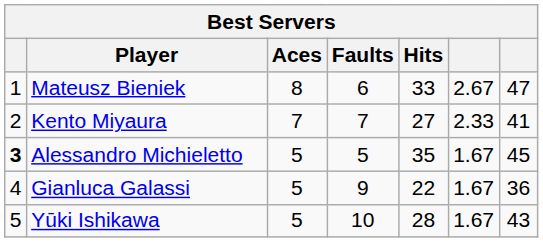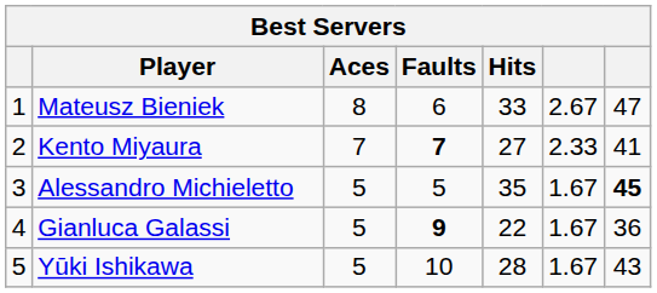 <table class="wikitable sortable" style=font-size:90%>
 <tr>
 <th colspan=7>Best Servers</th>
 </tr>
 <tr>
 <th></th>
 <th width=158>Player</th>
 <th width=20>Aces</th>
 <th width=20>Faults</th>
 <th width=20>Hits</th>
 <th width=20></th>
 <th width=20></th>
 </tr>
 <tr>
 <td>1</td>
 <td> <a href='#'>Mateusz Bieniek</a></td>
 <td align=center>8</td>
 <td align=center>6</td>
 <td align=center>33</td>
 <td align=center>2.67</td>
 <td align=center>47</td>
 </tr>
 <tr>
 <td>2</td>
 <td> <a href='#'>Kento Miyaura</a></td>
 <td align=center>7</td>
-<td align=center>7</td>
+<td align=center><strong>7</strong></td>
 <td align=center>27</td>
 <td align=center>2.33</td>
 <td align=center>41</td>
 </tr>
 <tr>
-<td><strong>3</strong></td>
+<td>3</td>
 <td> <a href='#'>Alessandro Michieletto</a></td>
 <td align=center>5</td>
 <td align=center>5</td>
 <td align=center>35</td>
 <td align=center>1.67</td>
-<td align=center>45</td>
+<td align=center><strong>45</strong></td>
 </tr>
 <tr>
 <td>4</td>
 <td> <a href='#'>Gianluca Galassi</a></td>
 <td align=center>5</td>
-<td align=center>9</td>
+<td align=center><strong>9</strong></td>
 <td align=center>22</td>
 <td align=center>1.67</td>
 <td align=center>36</td>
 </tr>
 <tr>
 <td>5</td>
 <td> <a href='#'>Yūki Ishikawa</a></td>
 <td align=center>5</td>
 <td align=center>10</td>
 <td align=center>28</td>
 <td align=center>1.67</td>
 <td align=center>43</td>
 </tr>
 </table>
